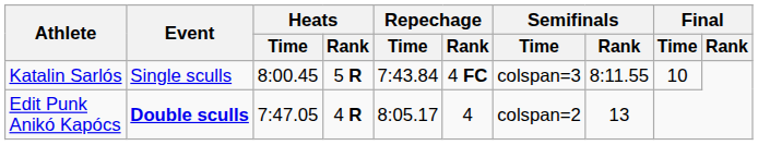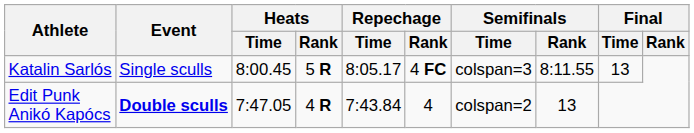 <table class="wikitable" style="font-size:90%">
 <tr>
 <th rowspan="2">Athlete</th>
 <th rowspan="2">Event</th>
 <th colspan="2">Heats</th>
 <th colspan="2">Repechage</th>
 <th colspan="2">Semifinals</th>
 <th colspan="2">Final</th>
 </tr>
 <tr style="font-size:95%">
 <th>Time</th>
 <th>Rank</th>
 <th>Time</th>
 <th>Rank</th>
 <th>Time</th>
 <th>Rank</th>
 <th>Time</th>
 <th>Rank</th>
 </tr>
 <tr align=center>
 <td align=left><a href='#'>Katalin Sarlós</a></td>
 <td align=left><a href='#'>Single sculls</a></td>
 <td>8:00.45</td>
 <td>5 <strong>R</strong></td>
-<td>7:43.84</td>
+<td>8:05.17</td>
 <td>4 <strong>FC</strong></td>
 <td>colspan=3</td>
 <td>8:11.55</td>
-<td>10</td>
+<td>13</td>
 </tr>
 <tr align=center>
 <td align=left><a href='#'>Edit Punk</a><br><a href='#'>Anikó Kapócs</a></td>
 <td align=left><strong><a href='#'>Double sculls</a></strong></td>
 <td>7:47.05</td>
 <td>4 <strong>R</strong></td>
-<td>8:05.17</td>
+<td>7:43.84</td>
 <td>4</td>
 <td>colspan=2</td>
 <td>13</td>
 </tr>
 </table>
